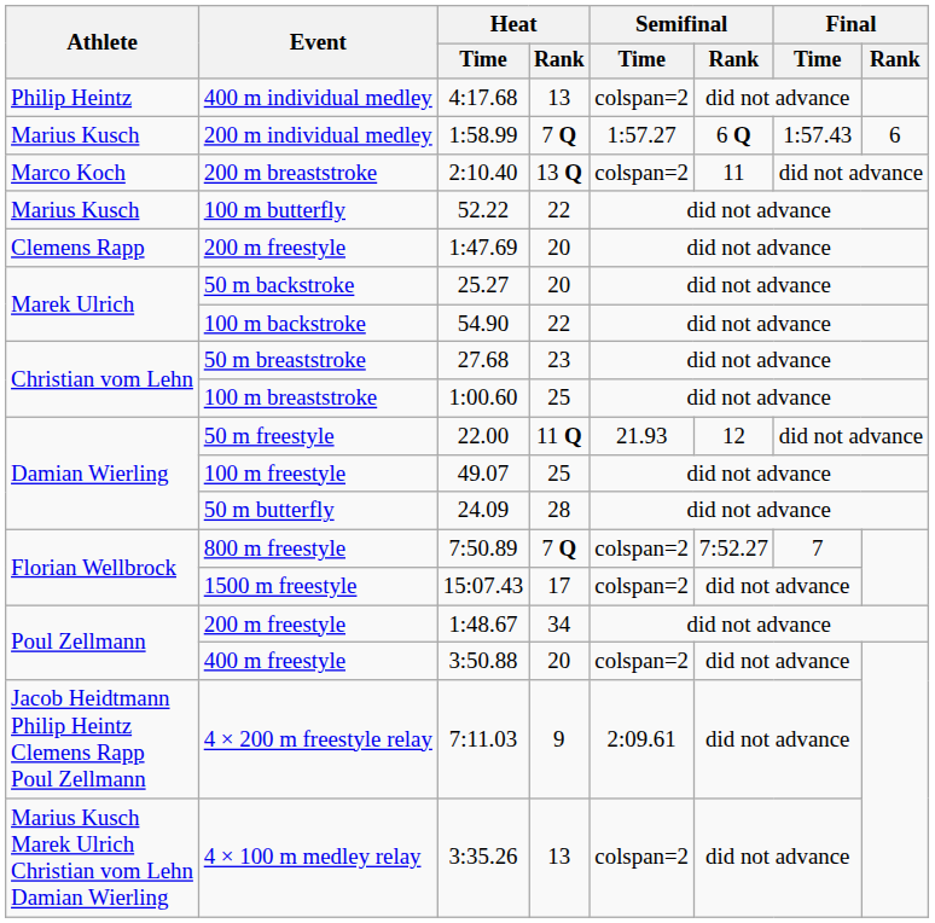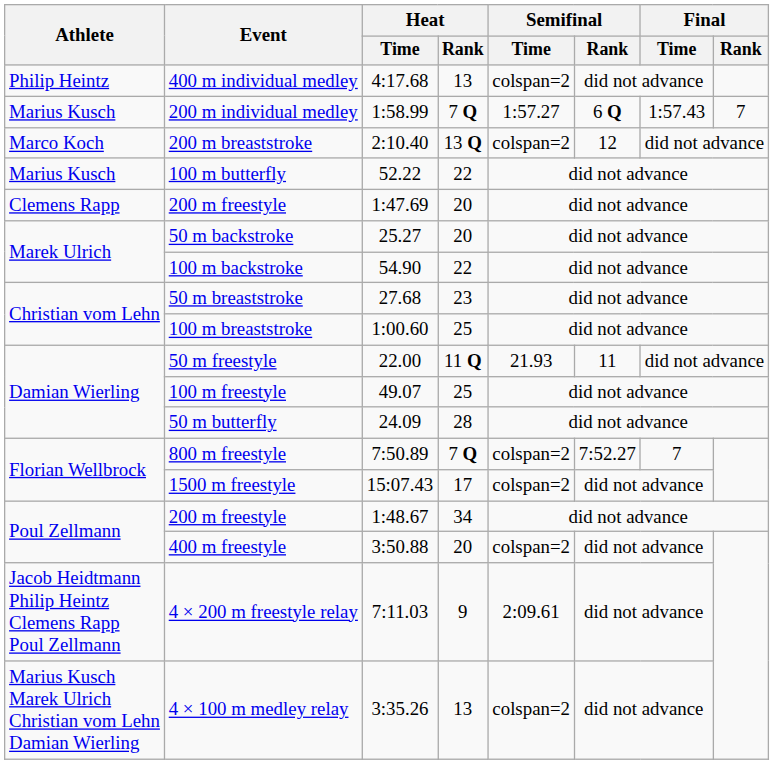 <table class=wikitable style="font-size:90%">
 <tr>
 <th rowspan="2">Athlete</th>
 <th rowspan="2">Event</th>
 <th colspan="2">Heat</th>
 <th colspan="2">Semifinal</th>
 <th colspan="2">Final</th>
 </tr>
 <tr style="font-size:95%">
 <th>Time</th>
 <th>Rank</th>
 <th>Time</th>
 <th>Rank</th>
 <th>Time</th>
 <th>Rank</th>
 </tr>
 <tr align=center>
 <td align=left><a href='#'>Philip Heintz</a></td>
 <td align=left><a href='#'>400 m individual medley</a></td>
 <td>4:17.68</td>
 <td>13</td>
 <td>colspan=2 </td>
 <td colspan=2>did not advance</td>
 </tr>
 <tr align=center>
 <td align=left><a href='#'>Marius Kusch</a></td>
 <td align=left><a href='#'>200 m individual medley</a></td>
 <td>1:58.99</td>
 <td>7 <strong>Q</strong></td>
 <td>1:57.27</td>
 <td>6 <strong>Q</strong></td>
 <td>1:57.43</td>
-<td>6</td>
+<td>7</td>
 </tr>
 <tr align=center>
 <td align=left><a href='#'>Marco Koch</a></td>
 <td align=left><a href='#'>200 m breaststroke</a></td>
 <td>2:10.40</td>
 <td>13 <strong>Q</strong></td>
 <td>colspan=2 </td>
-<td>11</td>
+<td>12</td>
 <td colspan=2>did not advance</td>
 </tr>
 <tr align=center>
 <td align=left><a href='#'>Marius Kusch</a></td>
 <td align=left><a href='#'>100 m butterfly</a></td>
 <td>52.22</td>
 <td>22</td>
 <td colspan=4>did not advance</td>
 </tr>
 <tr align=center>
 <td align=left><a href='#'>Clemens Rapp</a></td>
 <td align=left><a href='#'>200 m freestyle</a></td>
 <td>1:47.69</td>
 <td>20</td>
 <td colspan=4>did not advance</td>
 </tr>
 <tr align=center>
 <td align=left rowspan =2><a href='#'>Marek Ulrich</a></td>
 <td align=left><a href='#'>50 m backstroke</a></td>
 <td>25.27</td>
 <td>20</td>
 <td colspan=4>did not advance</td>
 </tr>
 <tr align=center>
 <td align=left><a href='#'>100 m backstroke</a></td>
 <td>54.90</td>
 <td>22</td>
 <td colspan=4>did not advance</td>
 </tr>
 <tr align=center>
 <td align=left rowspan=2><a href='#'>Christian vom Lehn</a></td>
 <td align=left><a href='#'>50 m breaststroke</a></td>
 <td>27.68</td>
 <td>23</td>
 <td colspan=4>did not advance</td>
 </tr>
 <tr align=center>
 <td align=left><a href='#'>100 m breaststroke</a></td>
 <td>1:00.60</td>
 <td>25</td>
 <td colspan=4>did not advance</td>
 </tr>
 <tr align=center>
 <td align=left rowspan=3><a href='#'>Damian Wierling</a></td>
 <td align=left><a href='#'>50 m freestyle</a></td>
 <td>22.00</td>
 <td>11 <strong>Q</strong></td>
 <td>21.93</td>
-<td>12</td>
+<td>11</td>
 <td colspan=4>did not advance</td>
 </tr>
 <tr align=center>
 <td align=left><a href='#'>100 m freestyle</a></td>
 <td>49.07</td>
 <td>25</td>
 <td colspan=4>did not advance</td>
 </tr>
 <tr align=center>
 <td align=left><a href='#'>50 m butterfly</a></td>
 <td>24.09</td>
 <td>28</td>
 <td colspan=4>did not advance</td>
 </tr>
 <tr align=center>
 <td align=left rowspan=2><a href='#'>Florian Wellbrock</a></td>
 <td align=left><a href='#'>800 m freestyle</a></td>
 <td>7:50.89</td>
 <td>7 <strong>Q</strong></td>
 <td>colspan=2 </td>
 <td>7:52.27</td>
 <td>7</td>
 </tr>
 <tr align=center>
 <td align=left><a href='#'>1500 m freestyle</a></td>
 <td>15:07.43</td>
 <td>17</td>
 <td>colspan=2 </td>
 <td colspan=2>did not advance</td>
 </tr>
 <tr align=center>
 <td align=left rowspan=2><a href='#'>Poul Zellmann</a></td>
 <td align=left><a href='#'>200 m freestyle</a></td>
 <td>1:48.67</td>
 <td>34</td>
 <td colspan=4>did not advance</td>
 </tr>
 <tr align=center>
 <td align=left><a href='#'>400 m freestyle</a></td>
 <td>3:50.88</td>
 <td>20</td>
 <td>colspan=2 </td>
 <td colspan=2>did not advance</td>
 </tr>
 <tr align=center>
 <td align=left><a href='#'>Jacob Heidtmann</a><br><a href='#'>Philip Heintz</a><br><a href='#'>Clemens Rapp</a><br><a href='#'>Poul Zellmann</a></td>
 <td align=left><a href='#'>4 × 200 m freestyle relay</a></td>
 <td>7:11.03</td>
 <td>9</td>
 <td>2:09.61</td>
 <td colspan=2>did not advance</td>
 </tr>
 <tr align=center>
 <td align=left><a href='#'>Marius Kusch</a><br><a href='#'>Marek Ulrich</a><br><a href='#'>Christian vom Lehn</a><br><a href='#'>Damian Wierling</a></td>
 <td align=left><a href='#'>4 × 100 m medley relay</a></td>
 <td>3:35.26</td>
 <td>13</td>
 <td>colspan=2 </td>
 <td colspan=2>did not advance</td>
 </tr>
 </table>
